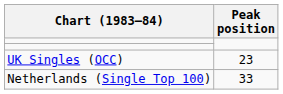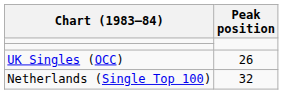 <table class="wikitable">
 <tr>
 <th>Chart (1983–84)</th>
 <th>Peak<br>position</th>
 </tr>
 <tr>
 <td></td>
 </tr>
 <tr>
 <td></td>
 </tr>
 <tr>
 <td><a href='#'>UK Singles</a> (<a href='#'>OCC</a>)</td>
-<td style="text-align:center;">23</td>
+<td style="text-align:center;">26</td>
 </tr>
 <tr>
 <td>Netherlands (<a href='#'>Single Top 100</a>)</td>
-<td style="text-align:center;">33</td>
+<td style="text-align:center;">32</td>
 </tr>
 </table>
